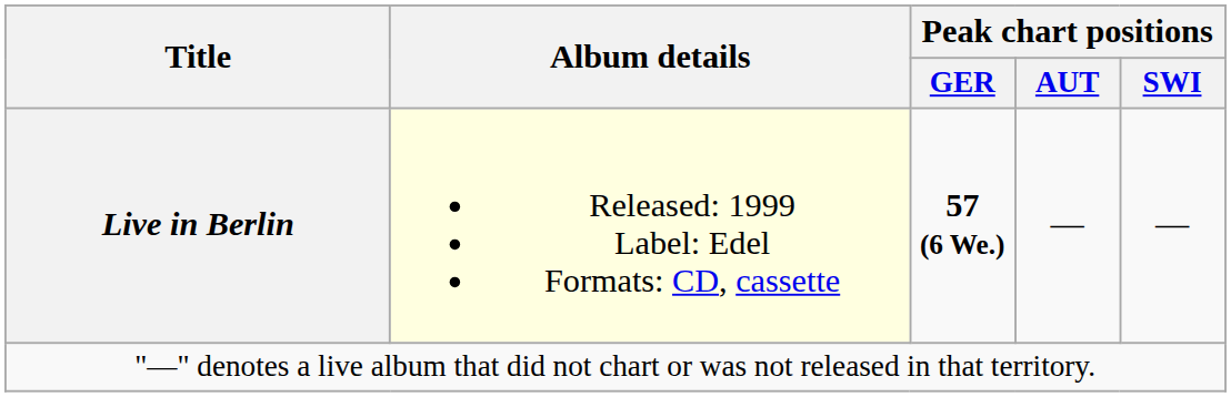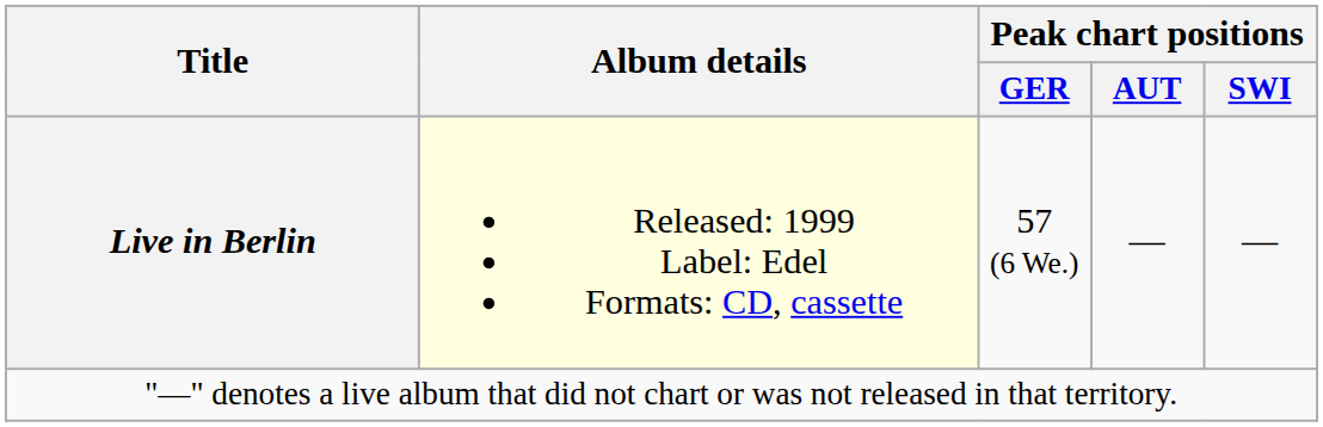 <table class="wikitable plainrowheaders" style="text-align:center;">
 <tr>
 <th scope="col" rowspan="2" style="width:11em;">Title</th>
 <th scope="col" rowspan="2" style="width:15em;">Album details</th>
 <th scope="col" colspan="3">Peak chart positions</th>
 </tr>
 <tr>
 <th style="width:3em;font-size:90%"><a href='#'>GER</a><br></th>
 <th style="width:3em;font-size:90%"><a href='#'>AUT</a><br></th>
 <th style="width:3em;font-size:90%"><a href='#'>SWI</a><br></th>
 </tr>
 <tr>
 <th scope="row"><em>Live in Berlin</em></th>
 <td style="background: lightyellow;"><br><ul><li>Released: 1999 </li><li>Label: Edel</li><li>Formats: <a href='#'>CD</a>, <a href='#'>cassette</a></li></ul></td>
-<td><strong>57<br><small>(6 We.)</small></strong></td>
+<td>57<br><small>(6 We.)</small></td>
 <td>—</td>
 <td>—</td>
 </tr>
 <tr>
 <td colspan="15" style="font-size:90%">"—" denotes a live album that did not chart or was not released in that territory.</td>
 </tr>
 </table>
